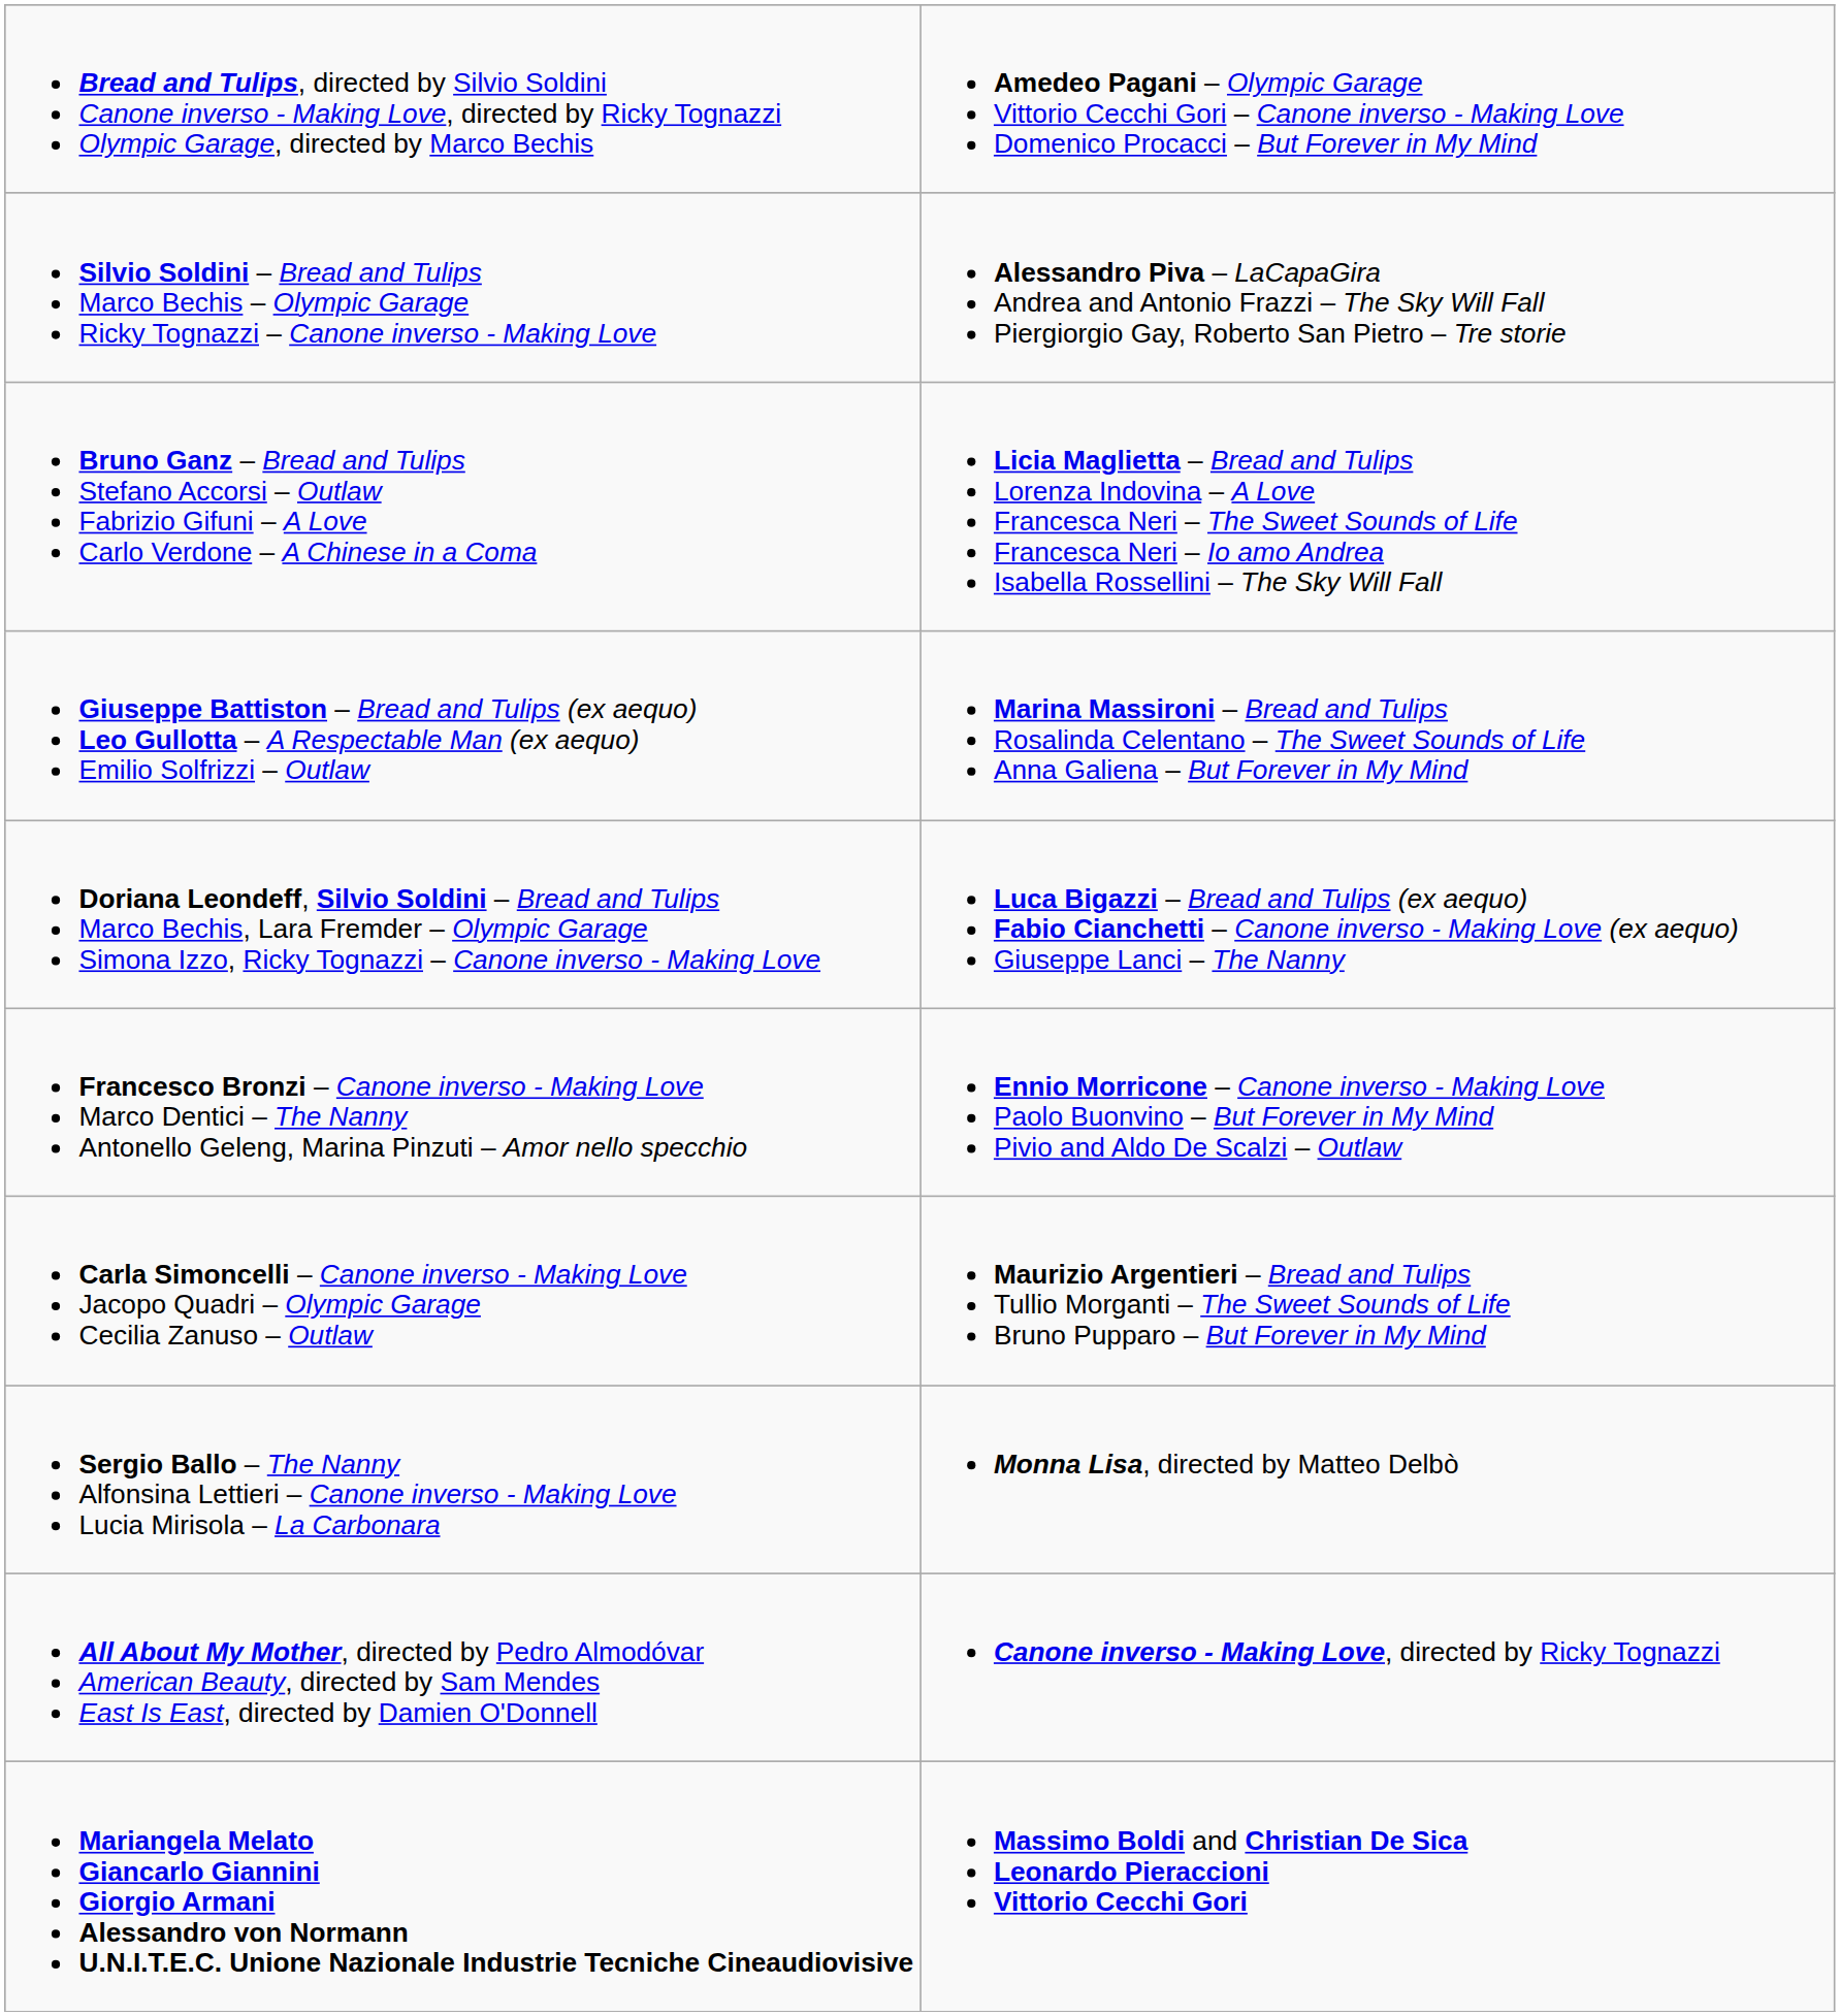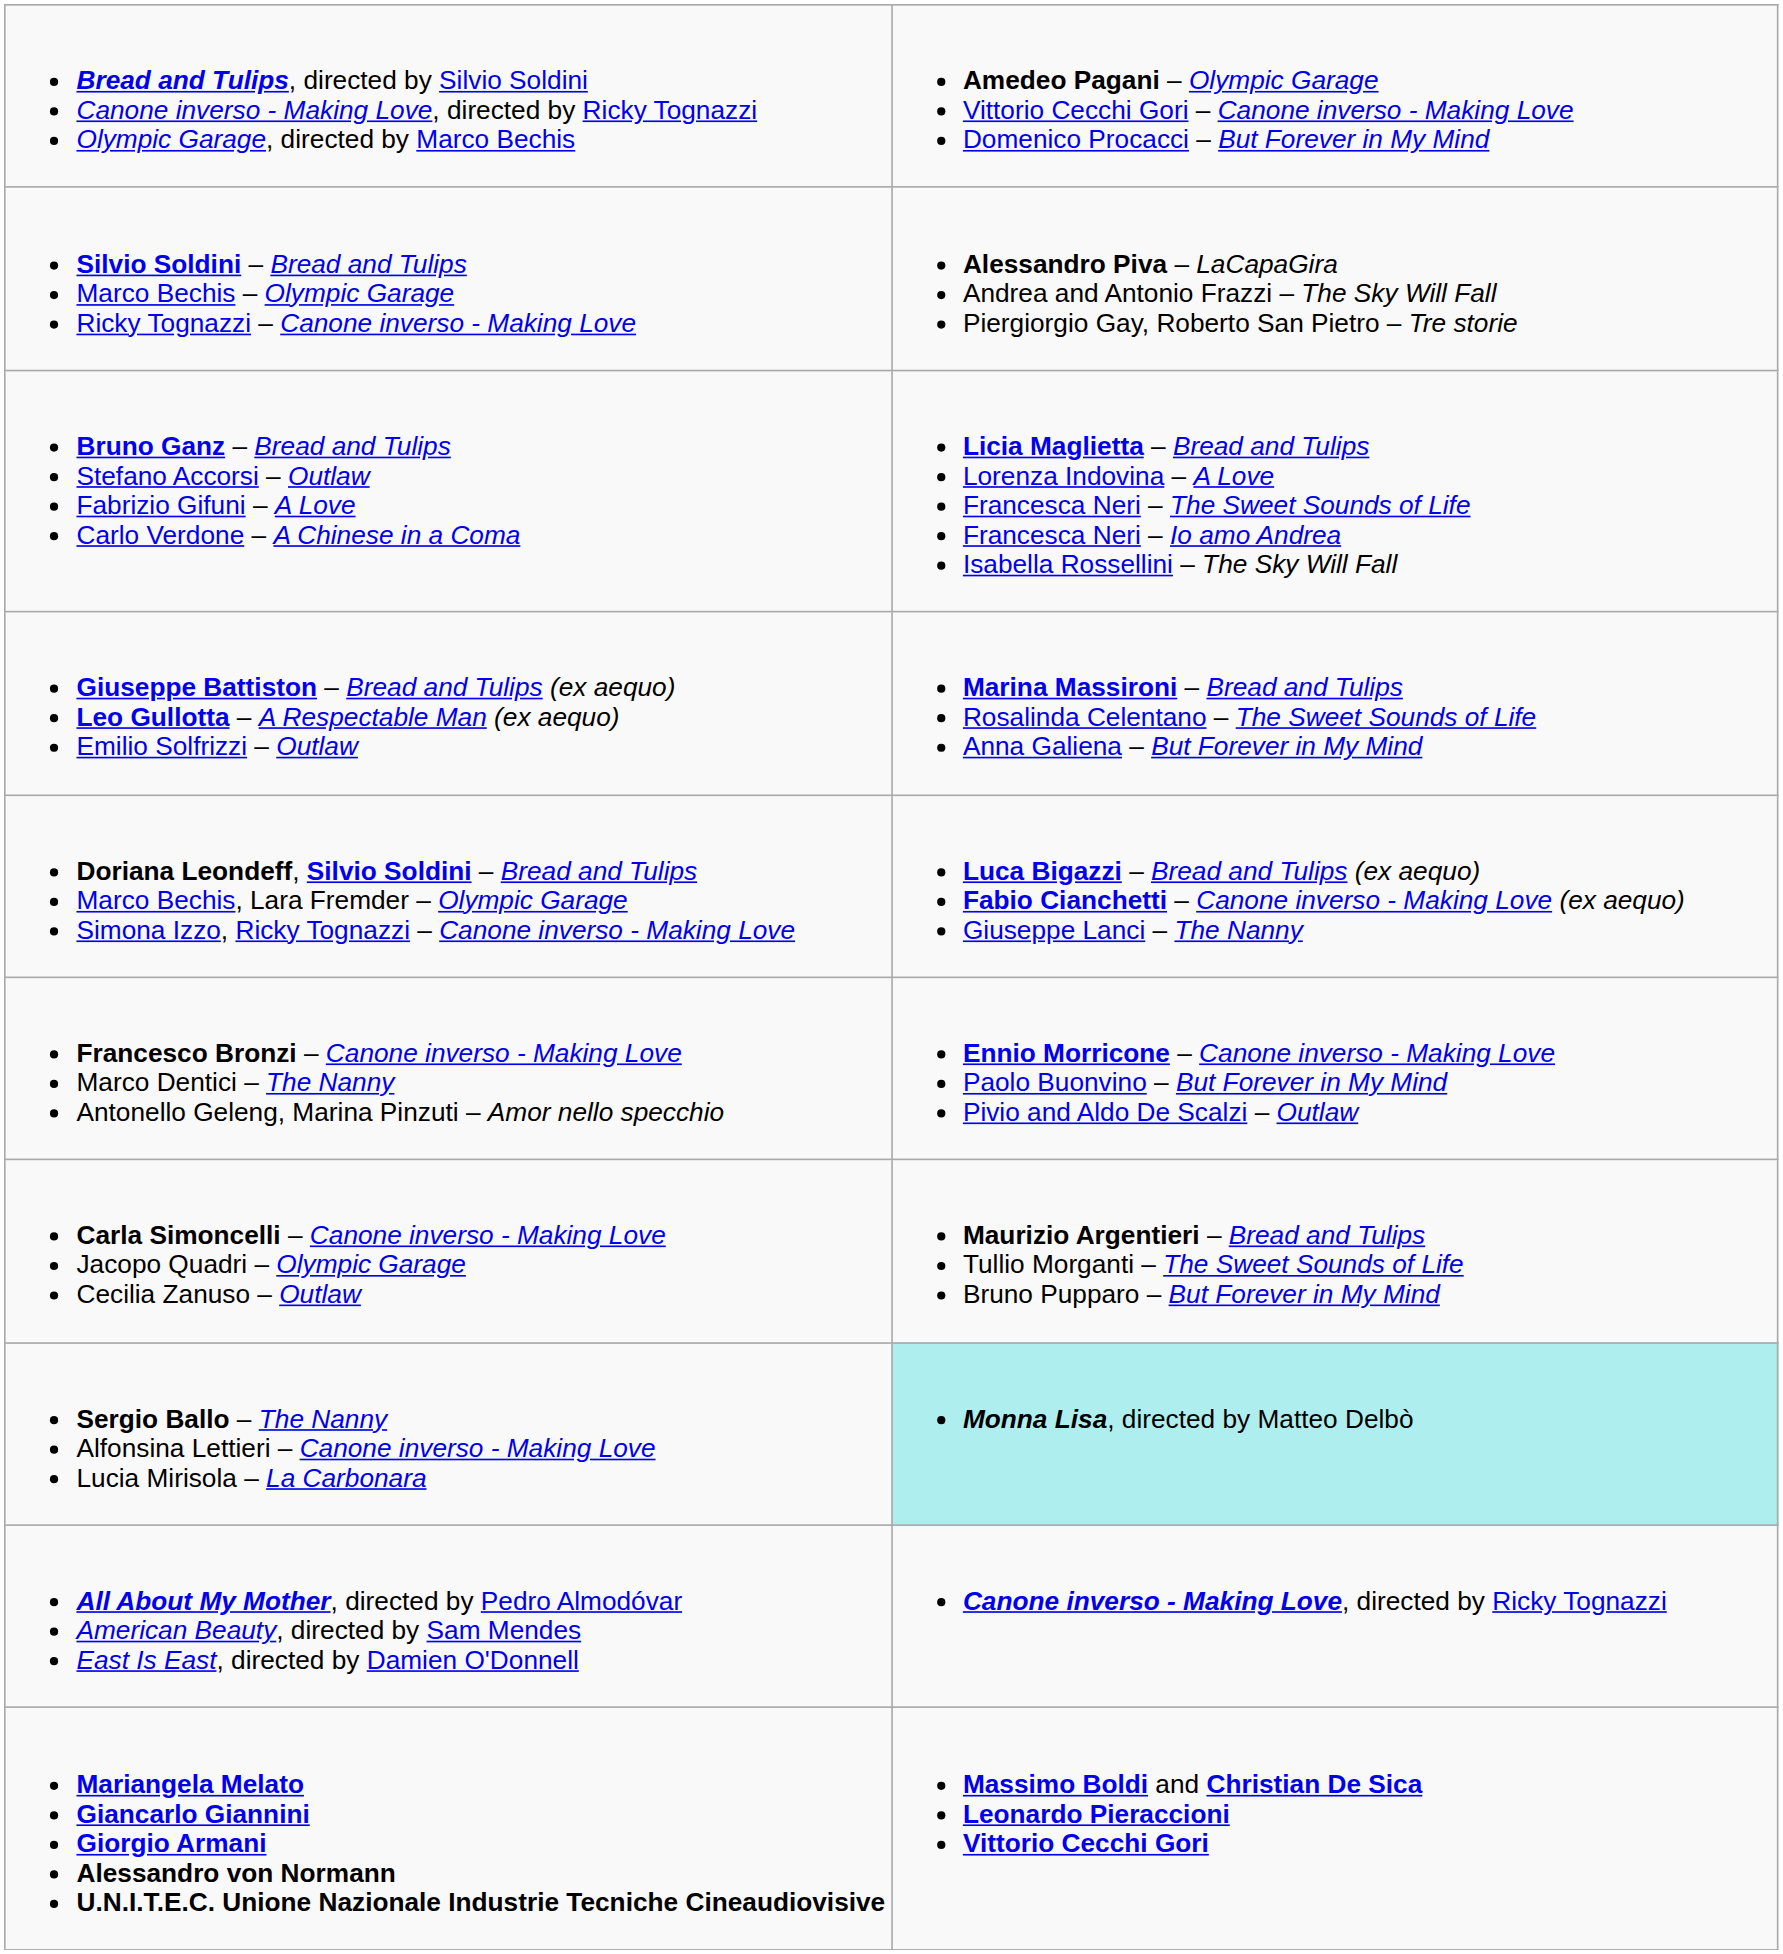 <table class="wikitable" role="presentation">
 <tr>
 <td style="vertical-align:top; width:50%;"><br><ul><li><strong><em><a href='#'>Bread and Tulips</a></em></strong>, directed by <a href='#'>Silvio Soldini</a></li><li><em><a href='#'>Canone inverso - Making Love</a></em>, directed by <a href='#'>Ricky Tognazzi</a></li><li><em><a href='#'>Olympic Garage</a></em>, directed by <a href='#'>Marco Bechis</a></li></ul></td>
 <td style="vertical-align:top; width:50%;"><br><ul><li><strong>Amedeo Pagani</strong> – <em><a href='#'>Olympic Garage</a></em></li><li><a href='#'>Vittorio Cecchi Gori</a> – <em><a href='#'>Canone inverso - Making Love</a></em></li><li><a href='#'>Domenico Procacci</a> – <em><a href='#'>But Forever in My Mind</a></em></li></ul></td>
 </tr>
 <tr>
 <td style="vertical-align:top; width:50%;"><br><ul><li><strong><a href='#'>Silvio Soldini</a></strong> – <em><a href='#'>Bread and Tulips</a></em></li><li><a href='#'>Marco Bechis</a> – <em><a href='#'>Olympic Garage</a></em></li><li><a href='#'>Ricky Tognazzi</a> – <em><a href='#'>Canone inverso - Making Love</a></em></li></ul></td>
 <td style="vertical-align:top; width:50%;"><br><ul><li><strong>Alessandro Piva</strong> – <em>LaCapaGira</em></li><li>Andrea and Antonio Frazzi – <em> The Sky Will Fall</em></li><li>Piergiorgio Gay, Roberto San Pietro – <em>Tre storie</em></li></ul></td>
 </tr>
 <tr>
 <td style="vertical-align:top; width:50%;"><br><ul><li><strong><a href='#'>Bruno Ganz</a></strong> – <em><a href='#'>Bread and Tulips</a></em></li><li><a href='#'>Stefano Accorsi</a> – <em><a href='#'>Outlaw</a></em></li><li><a href='#'>Fabrizio Gifuni</a> – <em><a href='#'>A Love</a></em></li><li><a href='#'>Carlo Verdone</a> – <em><a href='#'>A Chinese in a Coma</a></em></li></ul></td>
 <td style="vertical-align:top; width:50%;"><br><ul><li><strong><a href='#'>Licia Maglietta</a></strong> – <em><a href='#'>Bread and Tulips</a></em></li><li><a href='#'>Lorenza Indovina</a> – <em><a href='#'>A Love</a></em></li><li><a href='#'>Francesca Neri</a> – <em><a href='#'>The Sweet Sounds of Life</a></em></li><li><a href='#'>Francesca Neri</a> – <em><a href='#'>Io amo Andrea</a></em></li><li><a href='#'>Isabella Rossellini</a> – <em>The Sky Will Fall</em></li></ul></td>
 </tr>
 <tr>
 <td style="vertical-align:top; width:50%;"><br><ul><li><strong><a href='#'>Giuseppe Battiston</a></strong> – <em><a href='#'>Bread and Tulips</a></em> <em>(ex aequo)</em></li><li><strong><a href='#'>Leo Gullotta</a></strong> – <em><a href='#'>A Respectable Man</a></em> <em>(ex aequo)</em></li><li><a href='#'>Emilio Solfrizzi</a> – <em><a href='#'>Outlaw</a></em></li></ul></td>
 <td style="vertical-align:top; width:50%;"><br><ul><li><strong><a href='#'>Marina Massironi</a></strong> – <em><a href='#'>Bread and Tulips</a></em></li><li><a href='#'>Rosalinda Celentano</a> – <em><a href='#'>The Sweet Sounds of Life</a></em></li><li><a href='#'>Anna Galiena</a> – <em><a href='#'>But Forever in My Mind</a></em></li></ul></td>
 </tr>
 <tr>
 <td style="vertical-align:top; width:50%;"><br><ul><li><strong>Doriana Leondeff</strong>, <strong><a href='#'>Silvio Soldini</a></strong> – <em><a href='#'>Bread and Tulips</a></em></li><li><a href='#'>Marco Bechis</a>, Lara Fremder  – <em><a href='#'>Olympic Garage</a></em></li><li><a href='#'>Simona Izzo</a>, <a href='#'>Ricky Tognazzi</a> – <em><a href='#'>Canone inverso - Making Love</a></em></li></ul></td>
 <td style="vertical-align:top; width:50%;"><br><ul><li><strong><a href='#'>Luca Bigazzi</a></strong> – <em><a href='#'>Bread and Tulips</a></em>  <em>(ex aequo)</em></li><li><strong><a href='#'>Fabio Cianchetti</a></strong> – <em><a href='#'>Canone inverso - Making Love</a></em> <em>(ex aequo)</em></li><li><a href='#'>Giuseppe Lanci</a> – <em><a href='#'>The Nanny</a></em></li></ul></td>
 </tr>
 <tr>
 <td style="vertical-align:top; width:50%;"><br><ul><li><strong>Francesco Bronzi</strong> – <em><a href='#'>Canone inverso - Making Love</a></em></li><li>Marco Dentici – <em><a href='#'>The Nanny</a></em></li><li>Antonello Geleng, Marina Pinzuti – <em>Amor nello specchio</em></li></ul></td>
 <td style="vertical-align:top; width:50%;"><br><ul><li><strong><a href='#'>Ennio Morricone</a></strong> – <em><a href='#'>Canone inverso - Making Love</a></em></li><li><a href='#'>Paolo Buonvino</a> – <em><a href='#'>But Forever in My Mind</a></em></li><li><a href='#'>Pivio and Aldo De Scalzi</a> – <em><a href='#'>Outlaw</a></em></li></ul></td>
 </tr>
 <tr>
 <td style="vertical-align:top; width:50%;"><br><ul><li><strong>Carla Simoncelli</strong> – <em><a href='#'>Canone inverso - Making Love</a></em></li><li>Jacopo Quadri – <em><a href='#'>Olympic Garage</a></em></li><li>Cecilia Zanuso – <em><a href='#'>Outlaw</a></em></li></ul></td>
 <td style="vertical-align:top; width:50%;"><br><ul><li><strong>Maurizio Argentieri</strong> – <em><a href='#'>Bread and Tulips</a></em></li><li>Tullio Morganti – <em><a href='#'>The Sweet Sounds of Life</a></em></li><li>Bruno Pupparo – <em><a href='#'>But Forever in My Mind</a></em></li></ul></td>
 </tr>
 <tr>
 <td style="vertical-align:top; width:50%;"><br><ul><li><strong>Sergio Ballo</strong> – <em><a href='#'>The Nanny</a></em></li><li>Alfonsina Lettieri – <em><a href='#'>Canone inverso - Making Love</a></em></li><li>Lucia Mirisola – <em><a href='#'>La Carbonara</a></em></li></ul></td>
-<td style="vertical-align:top; width:50%;"><br><ul><li><strong><em>Monna Lisa</em></strong>, directed by Matteo Delbò</li></ul></td>
+<td style="background: paleturquoise; vertical-align:top; width:50%;"><br><ul><li><strong><em>Monna Lisa</em></strong>, directed by Matteo Delbò</li></ul></td>
 </tr>
 <tr>
 <td style="vertical-align:top; width:50%;"><br><ul><li><strong><em><a href='#'>All About My Mother</a></em></strong>, directed by <a href='#'>Pedro Almodóvar</a></li><li><em><a href='#'>American Beauty</a></em>, directed by <a href='#'>Sam Mendes</a></li><li><em><a href='#'>East Is East</a></em>, directed by <a href='#'>Damien O'Donnell</a></li></ul></td>
 <td style="vertical-align:top; width:50%;"><br><ul><li><strong><em><a href='#'>Canone inverso - Making Love</a></em></strong>, directed by <a href='#'>Ricky Tognazzi</a></li></ul></td>
 </tr>
 <tr>
 <td style="vertical-align:top; width:50%;"><br><ul><li><strong><a href='#'>Mariangela Melato</a></strong></li><li><strong><a href='#'>Giancarlo Giannini</a></strong></li><li><strong><a href='#'>Giorgio Armani</a></strong></li><li><strong>Alessandro von Normann</strong></li><li><strong>U.N.I.T.E.C. Unione Nazionale Industrie Tecniche Cineaudiovisive</strong></li></ul></td>
 <td style="vertical-align:top; width:50%;"><br><ul><li><strong><a href='#'>Massimo Boldi</a></strong> and <strong><a href='#'>Christian De Sica</a></strong></li><li><strong><a href='#'>Leonardo Pieraccioni</a></strong></li><li><strong><a href='#'>Vittorio Cecchi Gori</a></strong></li></ul></td>
 </tr>
 </table>
